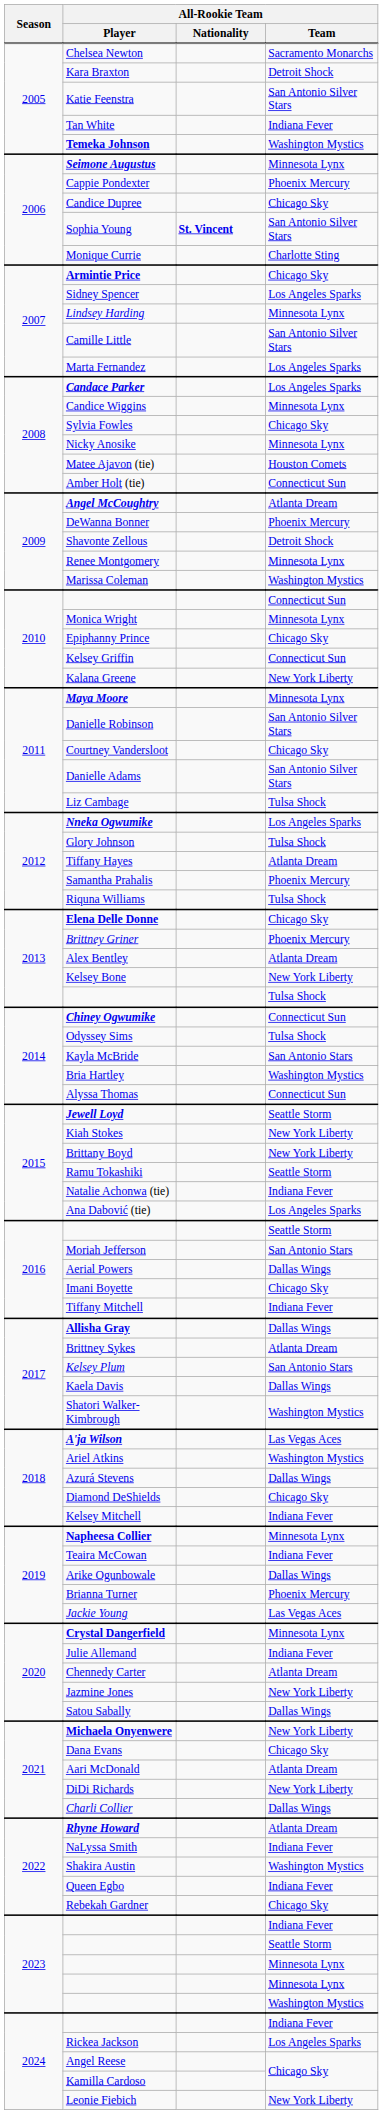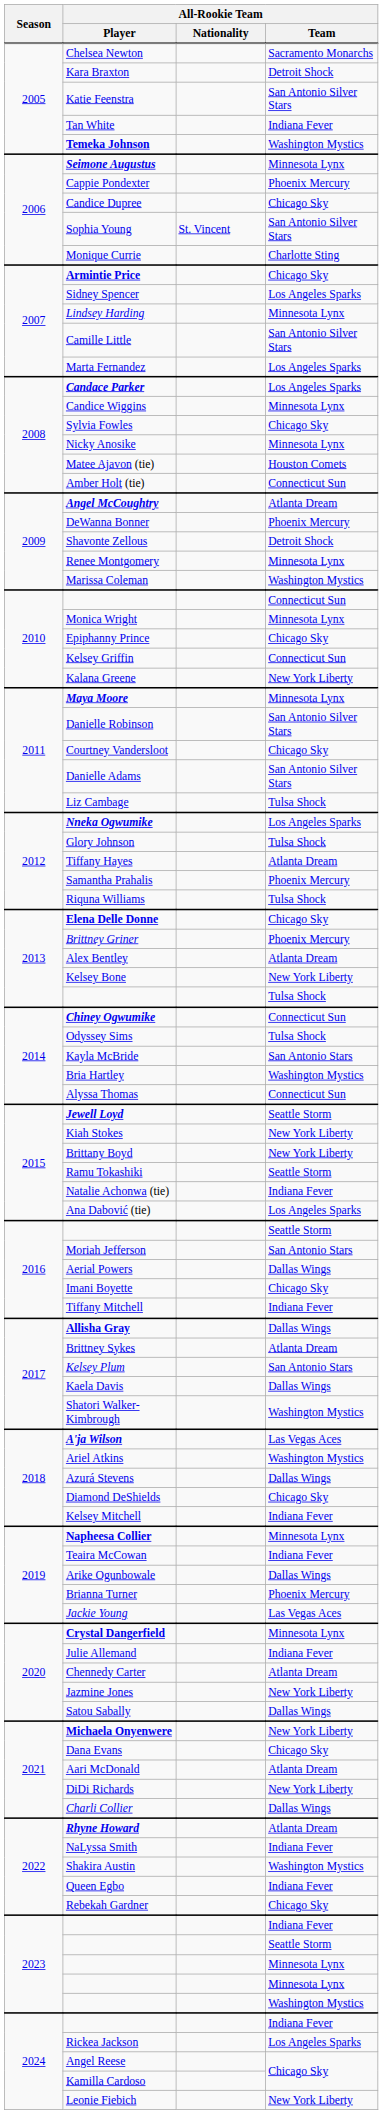 <table class="wikitable sortable" style="width:55%; font-size:95%">
 <tr>
 <th width=10% rowspan=2><strong>Season</strong></th>
 <th colspan=3><strong>All-Rookie Team</strong></th>
 </tr>
 <tr>
 <th width=20%>Player</th>
 <th width=15%>Nationality</th>
 <th width=20%>Team</th>
 </tr>
 <tr style="border-top:2px solid black">
 </tr>
 <tr>
 <td rowspan=5; style="text-align:center"><a href='#'>2005</a></td>
 <td><a href='#'>Chelsea Newton</a></td>
 <td></td>
 <td><a href='#'>Sacramento Monarchs</a></td>
 </tr>
 <tr>
 <td><a href='#'>Kara Braxton</a></td>
 <td></td>
 <td><a href='#'>Detroit Shock</a></td>
 </tr>
 <tr>
 <td><a href='#'>Katie Feenstra</a></td>
 <td></td>
 <td><a href='#'>San Antonio Silver Stars</a></td>
 </tr>
 <tr>
 <td><a href='#'>Tan White</a></td>
 <td></td>
 <td><a href='#'>Indiana Fever</a></td>
 </tr>
 <tr>
 <td><strong><a href='#'>Temeka Johnson</a></strong></td>
 <td></td>
 <td><a href='#'>Washington Mystics</a></td>
 </tr>
 <tr style = "border-top:2px solid black;">
 <td rowspan=5; style="text-align:center"><a href='#'>2006</a></td>
 <td><strong><em><a href='#'>Seimone Augustus</a></em></strong></td>
 <td></td>
 <td><a href='#'>Minnesota Lynx</a></td>
 </tr>
 <tr>
 <td><a href='#'>Cappie Pondexter</a></td>
 <td></td>
 <td><a href='#'>Phoenix Mercury</a></td>
 </tr>
 <tr>
 <td><a href='#'>Candice Dupree</a></td>
 <td></td>
 <td><a href='#'>Chicago Sky</a></td>
 </tr>
 <tr>
 <td><a href='#'>Sophia Young</a></td>
-<td><strong> <a href='#'>St. Vincent</a></strong></td>
+<td> <a href='#'>St. Vincent</a></td>
 <td><a href='#'>San Antonio Silver Stars</a></td>
 </tr>
 <tr>
 <td><a href='#'>Monique Currie</a></td>
 <td></td>
 <td><a href='#'>Charlotte Sting</a></td>
 </tr>
 <tr style = "border-top:2px solid black;">
 <td rowspan=5; style="text-align:center"><a href='#'>2007</a></td>
 <td><strong><a href='#'>Armintie Price</a></strong></td>
 <td></td>
 <td><a href='#'>Chicago Sky</a></td>
 </tr>
 <tr>
 <td><a href='#'>Sidney Spencer</a></td>
 <td></td>
 <td><a href='#'>Los Angeles Sparks</a></td>
 </tr>
 <tr>
 <td><em><a href='#'>Lindsey Harding</a></em></td>
 <td></td>
 <td><a href='#'>Minnesota Lynx</a></td>
 </tr>
 <tr>
 <td><a href='#'>Camille Little</a></td>
 <td></td>
 <td><a href='#'>San Antonio Silver Stars</a></td>
 </tr>
 <tr>
 <td><a href='#'>Marta Fernandez</a></td>
 <td></td>
 <td><a href='#'>Los Angeles Sparks</a></td>
 </tr>
 <tr style = "border-top:2px solid black;">
 <td rowspan=6; style="text-align:center"><a href='#'>2008</a></td>
 <td><strong><em><a href='#'>Candace Parker</a></em></strong></td>
 <td></td>
 <td><a href='#'>Los Angeles Sparks</a></td>
 </tr>
 <tr>
 <td><a href='#'>Candice Wiggins</a></td>
 <td></td>
 <td><a href='#'>Minnesota Lynx</a></td>
 </tr>
 <tr>
 <td><a href='#'>Sylvia Fowles</a></td>
 <td></td>
 <td><a href='#'>Chicago Sky</a></td>
 </tr>
 <tr>
 <td><a href='#'>Nicky Anosike</a></td>
 <td></td>
 <td><a href='#'>Minnesota Lynx</a></td>
 </tr>
 <tr>
 <td><a href='#'>Matee Ajavon</a> (tie)</td>
 <td></td>
 <td><a href='#'>Houston Comets</a></td>
 </tr>
 <tr>
 <td><a href='#'>Amber Holt</a> (tie)</td>
 <td></td>
 <td><a href='#'>Connecticut Sun</a></td>
 </tr>
 <tr style = "border-top:2px solid black;">
 <td rowspan=5; style="text-align:center"><a href='#'>2009</a></td>
 <td><strong><em><a href='#'>Angel McCoughtry</a></em></strong></td>
 <td></td>
 <td><a href='#'>Atlanta Dream</a></td>
 </tr>
 <tr>
 <td><a href='#'>DeWanna Bonner</a></td>
 <td></td>
 <td><a href='#'>Phoenix Mercury</a></td>
 </tr>
 <tr>
 <td><a href='#'>Shavonte Zellous</a></td>
 <td></td>
 <td><a href='#'>Detroit Shock</a></td>
 </tr>
 <tr>
 <td><a href='#'>Renee Montgomery</a></td>
 <td></td>
 <td><a href='#'>Minnesota Lynx</a></td>
 </tr>
 <tr>
 <td><a href='#'>Marissa Coleman</a></td>
 <td></td>
 <td><a href='#'>Washington Mystics</a></td>
 </tr>
 <tr style = "border-top:2px solid black;">
 <td rowspan=5; style="text-align:center"><a href='#'>2010</a></td>
 <td><strong><em></em></strong></td>
 <td></td>
 <td><a href='#'>Connecticut Sun</a></td>
 </tr>
 <tr>
 <td><a href='#'>Monica Wright</a></td>
 <td></td>
 <td><a href='#'>Minnesota Lynx</a></td>
 </tr>
 <tr>
 <td><a href='#'>Epiphanny Prince</a></td>
 <td></td>
 <td><a href='#'>Chicago Sky</a></td>
 </tr>
 <tr>
 <td><a href='#'>Kelsey Griffin</a></td>
 <td></td>
 <td><a href='#'>Connecticut Sun</a></td>
 </tr>
 <tr>
 <td><a href='#'>Kalana Greene</a></td>
 <td></td>
 <td><a href='#'>New York Liberty</a></td>
 </tr>
 <tr style = "border-top:2px solid black;">
 <td rowspan=5; style="text-align:center"><a href='#'>2011</a></td>
 <td><strong><em><a href='#'>Maya Moore</a></em></strong></td>
 <td></td>
 <td><a href='#'>Minnesota Lynx</a></td>
 </tr>
 <tr>
 <td><a href='#'>Danielle Robinson</a></td>
 <td></td>
 <td><a href='#'>San Antonio Silver Stars</a></td>
 </tr>
 <tr>
 <td><a href='#'>Courtney Vandersloot</a></td>
 <td></td>
 <td><a href='#'>Chicago Sky</a></td>
 </tr>
 <tr>
 <td><a href='#'>Danielle Adams</a></td>
 <td></td>
 <td><a href='#'>San Antonio Silver Stars</a></td>
 </tr>
 <tr>
 <td><a href='#'>Liz Cambage</a></td>
 <td></td>
 <td><a href='#'>Tulsa Shock</a></td>
 </tr>
 <tr style = "border-top:2px solid black;">
 <td rowspan=5; style="text-align:center"><a href='#'>2012</a></td>
 <td><strong><em><a href='#'>Nneka Ogwumike</a></em></strong></td>
 <td></td>
 <td><a href='#'>Los Angeles Sparks</a></td>
 </tr>
 <tr>
 <td><a href='#'>Glory Johnson</a></td>
 <td></td>
 <td><a href='#'>Tulsa Shock</a></td>
 </tr>
 <tr>
 <td><a href='#'>Tiffany Hayes</a></td>
 <td></td>
 <td><a href='#'>Atlanta Dream</a></td>
 </tr>
 <tr>
 <td><a href='#'>Samantha Prahalis</a></td>
 <td></td>
 <td><a href='#'>Phoenix Mercury</a></td>
 </tr>
 <tr>
 <td><a href='#'>Riquna Williams</a></td>
 <td></td>
 <td><a href='#'>Tulsa Shock</a></td>
 </tr>
 <tr style = "border-top:2px solid black;">
 <td rowspan=5; style="text-align:center"><a href='#'>2013</a></td>
 <td><strong><a href='#'>Elena Delle Donne</a></strong></td>
 <td></td>
 <td><a href='#'>Chicago Sky</a></td>
 </tr>
 <tr>
 <td><em><a href='#'>Brittney Griner</a></em></td>
 <td></td>
 <td><a href='#'>Phoenix Mercury</a></td>
 </tr>
 <tr>
 <td><a href='#'>Alex Bentley</a></td>
 <td></td>
 <td><a href='#'>Atlanta Dream</a></td>
 </tr>
 <tr>
 <td><a href='#'>Kelsey Bone</a></td>
 <td></td>
 <td><a href='#'>New York Liberty</a></td>
 </tr>
 <tr>
 <td></td>
 <td></td>
 <td><a href='#'>Tulsa Shock</a></td>
 </tr>
 <tr style = "border-top:2px solid black;">
 <td rowspan=5; style="text-align:center"><a href='#'>2014</a></td>
 <td><strong><em><a href='#'>Chiney Ogwumike</a></em></strong></td>
 <td></td>
 <td><a href='#'>Connecticut Sun</a></td>
 </tr>
 <tr>
 <td><a href='#'>Odyssey Sims</a></td>
 <td></td>
 <td><a href='#'>Tulsa Shock</a></td>
 </tr>
 <tr>
 <td><a href='#'>Kayla McBride</a></td>
 <td></td>
 <td><a href='#'>San Antonio Stars</a></td>
 </tr>
 <tr>
 <td><a href='#'>Bria Hartley</a></td>
 <td></td>
 <td><a href='#'>Washington Mystics</a></td>
 </tr>
 <tr>
 <td><a href='#'>Alyssa Thomas</a></td>
 <td></td>
 <td><a href='#'>Connecticut Sun</a></td>
 </tr>
 <tr style = "border-top:2px solid black;">
 <td rowspan=6; style="text-align:center"><a href='#'>2015</a></td>
 <td><strong><em><a href='#'>Jewell Loyd</a></em></strong></td>
 <td></td>
 <td><a href='#'>Seattle Storm</a></td>
 </tr>
 <tr>
 <td><a href='#'>Kiah Stokes</a></td>
 <td></td>
 <td><a href='#'>New York Liberty</a></td>
 </tr>
 <tr>
 <td><a href='#'>Brittany Boyd</a></td>
 <td></td>
 <td><a href='#'>New York Liberty</a></td>
 </tr>
 <tr>
 <td><a href='#'>Ramu Tokashiki</a></td>
 <td></td>
 <td><a href='#'>Seattle Storm</a></td>
 </tr>
 <tr>
 <td><a href='#'>Natalie Achonwa</a> (tie)</td>
 <td></td>
 <td><a href='#'>Indiana Fever</a></td>
 </tr>
 <tr>
 <td><a href='#'>Ana Dabović</a> (tie)</td>
 <td></td>
 <td><a href='#'>Los Angeles Sparks</a></td>
 </tr>
 <tr style = "border-top:2px solid black;">
 <td rowspan=5; style="text-align:center"><a href='#'>2016</a></td>
 <td><strong><em></em></strong></td>
 <td></td>
 <td><a href='#'>Seattle Storm</a></td>
 </tr>
 <tr>
 <td><a href='#'>Moriah Jefferson</a></td>
 <td></td>
 <td><a href='#'>San Antonio Stars</a></td>
 </tr>
 <tr>
 <td><a href='#'>Aerial Powers</a></td>
 <td></td>
 <td><a href='#'>Dallas Wings</a></td>
 </tr>
 <tr>
 <td><a href='#'>Imani Boyette</a></td>
 <td></td>
 <td><a href='#'>Chicago Sky</a></td>
 </tr>
 <tr>
 <td><a href='#'>Tiffany Mitchell</a></td>
 <td></td>
 <td><a href='#'>Indiana Fever</a></td>
 </tr>
 <tr style = "border-top:2px solid black;">
 <td rowspan=5; style="text-align:center"><a href='#'>2017</a></td>
 <td><strong><a href='#'>Allisha Gray</a></strong></td>
 <td></td>
 <td><a href='#'>Dallas Wings</a></td>
 </tr>
 <tr>
 <td><a href='#'>Brittney Sykes</a></td>
 <td></td>
 <td><a href='#'>Atlanta Dream</a></td>
 </tr>
 <tr>
 <td><em><a href='#'>Kelsey Plum</a></em></td>
 <td></td>
 <td><a href='#'>San Antonio Stars</a></td>
 </tr>
 <tr>
 <td><a href='#'>Kaela Davis</a></td>
 <td></td>
 <td><a href='#'>Dallas Wings</a></td>
 </tr>
 <tr>
 <td><a href='#'>Shatori Walker-Kimbrough</a></td>
 <td></td>
 <td><a href='#'>Washington Mystics</a></td>
 </tr>
 <tr style = "border-top:2px solid black;">
 <td rowspan=5; style="text-align:center"><a href='#'>2018</a></td>
 <td><strong><em><a href='#'>A'ja Wilson</a></em></strong></td>
 <td></td>
 <td><a href='#'>Las Vegas Aces</a></td>
 </tr>
 <tr>
 <td><a href='#'>Ariel Atkins</a></td>
 <td></td>
 <td><a href='#'>Washington Mystics</a></td>
 </tr>
 <tr>
 <td><a href='#'>Azurá Stevens</a></td>
 <td></td>
 <td><a href='#'>Dallas Wings</a></td>
 </tr>
 <tr>
 <td><a href='#'>Diamond DeShields</a></td>
 <td></td>
 <td><a href='#'>Chicago Sky</a></td>
 </tr>
 <tr>
 <td><a href='#'>Kelsey Mitchell</a></td>
 <td></td>
 <td><a href='#'>Indiana Fever</a></td>
 </tr>
 <tr style = "border-top:2px solid black;">
 <td rowspan=5; style="text-align:center"><a href='#'>2019</a></td>
 <td><strong><a href='#'>Napheesa Collier</a></strong></td>
 <td></td>
 <td><a href='#'>Minnesota Lynx</a></td>
 </tr>
 <tr>
 <td><a href='#'>Teaira McCowan</a></td>
 <td></td>
 <td><a href='#'>Indiana Fever</a></td>
 </tr>
 <tr>
 <td><a href='#'>Arike Ogunbowale</a></td>
 <td></td>
 <td><a href='#'>Dallas Wings</a></td>
 </tr>
 <tr>
 <td><a href='#'>Brianna Turner</a></td>
 <td></td>
 <td><a href='#'>Phoenix Mercury</a></td>
 </tr>
 <tr>
 <td><em><a href='#'>Jackie Young</a></em></td>
 <td></td>
 <td><a href='#'>Las Vegas Aces</a></td>
 </tr>
 <tr style = "border-top:2px solid black;">
 <td rowspan=5; style="text-align:center"><a href='#'>2020</a></td>
 <td><strong><a href='#'>Crystal Dangerfield</a></strong></td>
 <td></td>
 <td><a href='#'>Minnesota Lynx</a></td>
 </tr>
 <tr>
 <td><a href='#'>Julie Allemand</a></td>
 <td></td>
 <td><a href='#'>Indiana Fever</a></td>
 </tr>
 <tr>
 <td><a href='#'>Chennedy Carter</a></td>
 <td></td>
 <td><a href='#'>Atlanta Dream</a></td>
 </tr>
 <tr>
 <td><a href='#'>Jazmine Jones</a></td>
 <td></td>
 <td><a href='#'>New York Liberty</a></td>
 </tr>
 <tr>
 <td><a href='#'>Satou Sabally</a></td>
 <td></td>
 <td><a href='#'>Dallas Wings</a></td>
 </tr>
 <tr style = "border-top:2px solid black;">
 <td rowspan=5; style="text-align:center"><a href='#'>2021</a></td>
 <td><strong><a href='#'>Michaela Onyenwere</a></strong></td>
 <td></td>
 <td><a href='#'>New York Liberty</a></td>
 </tr>
 <tr>
 <td><a href='#'>Dana Evans</a></td>
 <td></td>
 <td><a href='#'>Chicago Sky</a></td>
 </tr>
 <tr>
 <td><a href='#'>Aari McDonald</a></td>
 <td></td>
 <td><a href='#'>Atlanta Dream</a></td>
 </tr>
 <tr>
 <td><a href='#'>DiDi Richards</a></td>
 <td></td>
 <td><a href='#'>New York Liberty</a></td>
 </tr>
 <tr>
 <td><em><a href='#'>Charli Collier</a></em></td>
 <td></td>
 <td><a href='#'>Dallas Wings</a></td>
 </tr>
 <tr style = "border-top:2px solid black;">
 <td rowspan=5; style="text-align:center"><a href='#'>2022</a></td>
 <td><strong><em><a href='#'>Rhyne Howard</a></em></strong></td>
 <td></td>
 <td><a href='#'>Atlanta Dream</a></td>
 </tr>
 <tr>
 <td><a href='#'>NaLyssa Smith</a></td>
 <td></td>
 <td><a href='#'>Indiana Fever</a></td>
 </tr>
 <tr>
 <td><a href='#'>Shakira Austin</a></td>
 <td></td>
 <td><a href='#'>Washington Mystics</a></td>
 </tr>
 <tr>
 <td><a href='#'>Queen Egbo</a></td>
 <td></td>
 <td><a href='#'>Indiana Fever</a></td>
 </tr>
 <tr>
 <td><a href='#'>Rebekah Gardner</a></td>
 <td></td>
 <td><a href='#'>Chicago Sky</a></td>
 </tr>
 <tr style = "border-top:2px solid black;">
 <td rowspan=5; style="text-align:center"><a href='#'>2023</a></td>
 <td><strong><em></em></strong></td>
 <td></td>
 <td><a href='#'>Indiana Fever</a></td>
 </tr>
 <tr>
 <td></td>
 <td></td>
 <td><a href='#'>Seattle Storm</a></td>
 </tr>
 <tr>
 <td></td>
 <td></td>
 <td><a href='#'>Minnesota Lynx</a></td>
 </tr>
 <tr>
 <td></td>
 <td></td>
 <td><a href='#'>Minnesota Lynx</a></td>
 </tr>
 <tr>
 <td></td>
 <td></td>
 <td><a href='#'>Washington Mystics</a></td>
 </tr>
 <tr style = "border-top:2px solid black;">
 <td rowspan=5; style="text-align:center"><a href='#'>2024</a></td>
 <td><strong><em></em></strong></td>
 <td></td>
 <td><a href='#'>Indiana Fever</a></td>
 </tr>
 <tr>
 <td><a href='#'>Rickea Jackson</a></td>
 <td></td>
 <td><a href='#'>Los Angeles Sparks</a></td>
 </tr>
 <tr>
 <td><a href='#'>Angel Reese</a></td>
 <td></td>
 <td rowspan=2><a href='#'>Chicago Sky</a></td>
 </tr>
 <tr>
 <td><a href='#'>Kamilla Cardoso</a></td>
 <td></td>
 </tr>
 <tr>
 <td><a href='#'>Leonie Fiebich</a></td>
 <td></td>
 <td><a href='#'>New York Liberty</a></td>
 </tr>
 </table>
